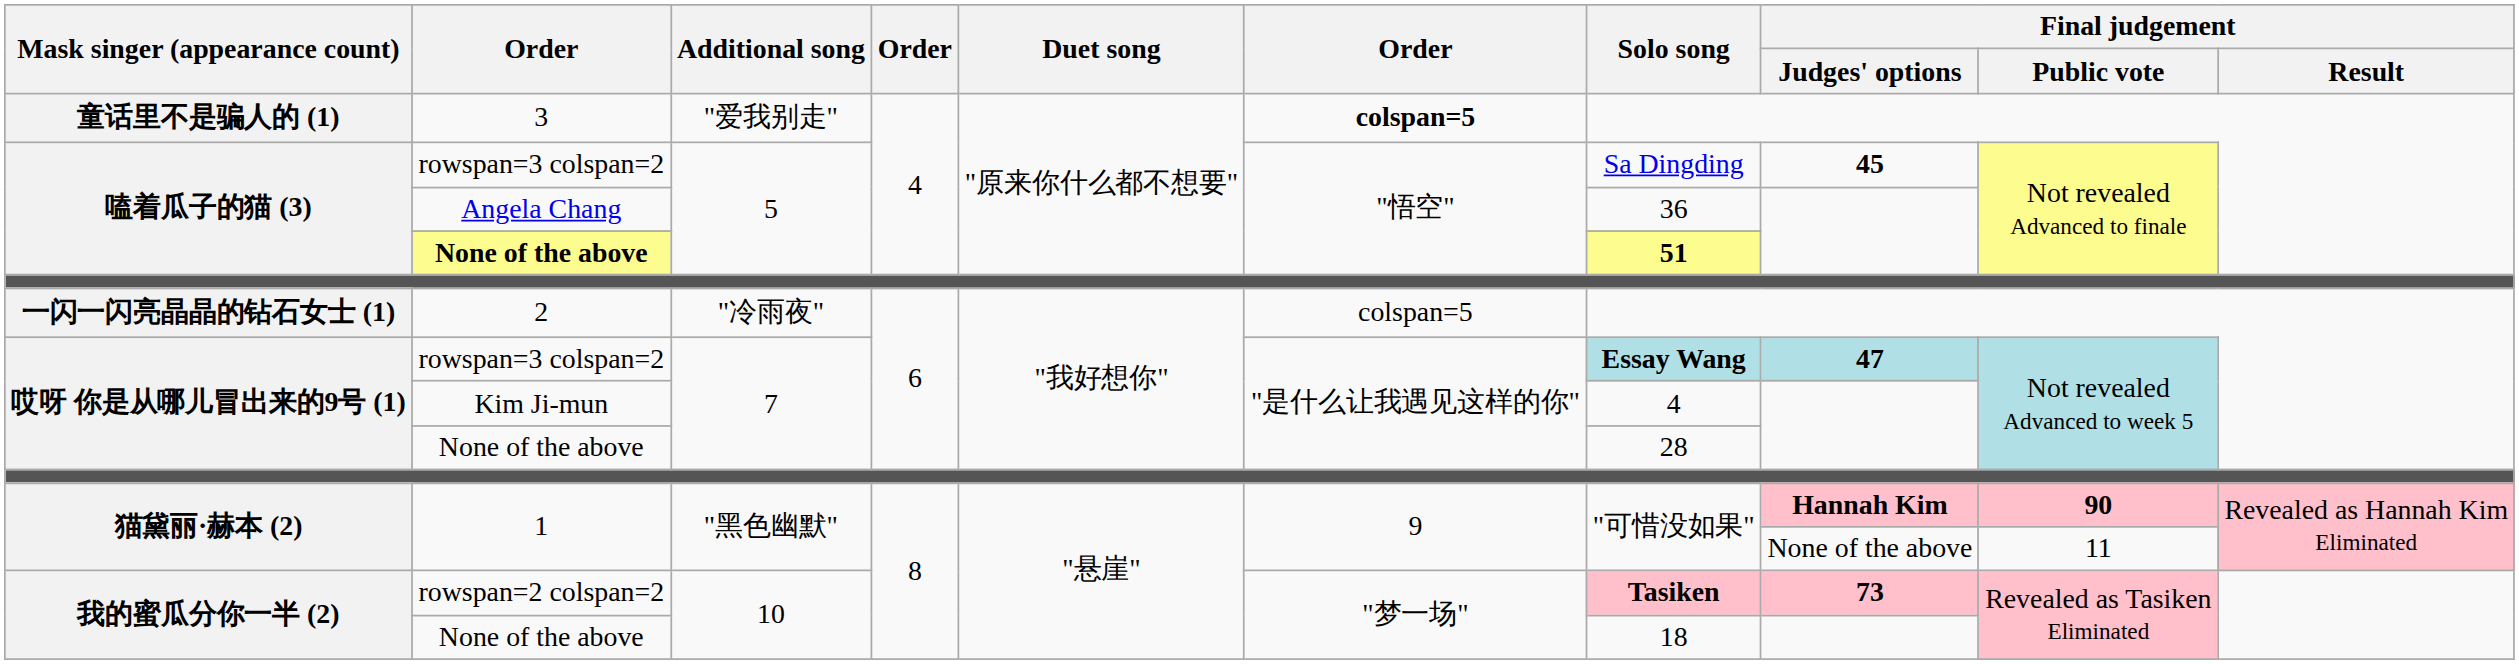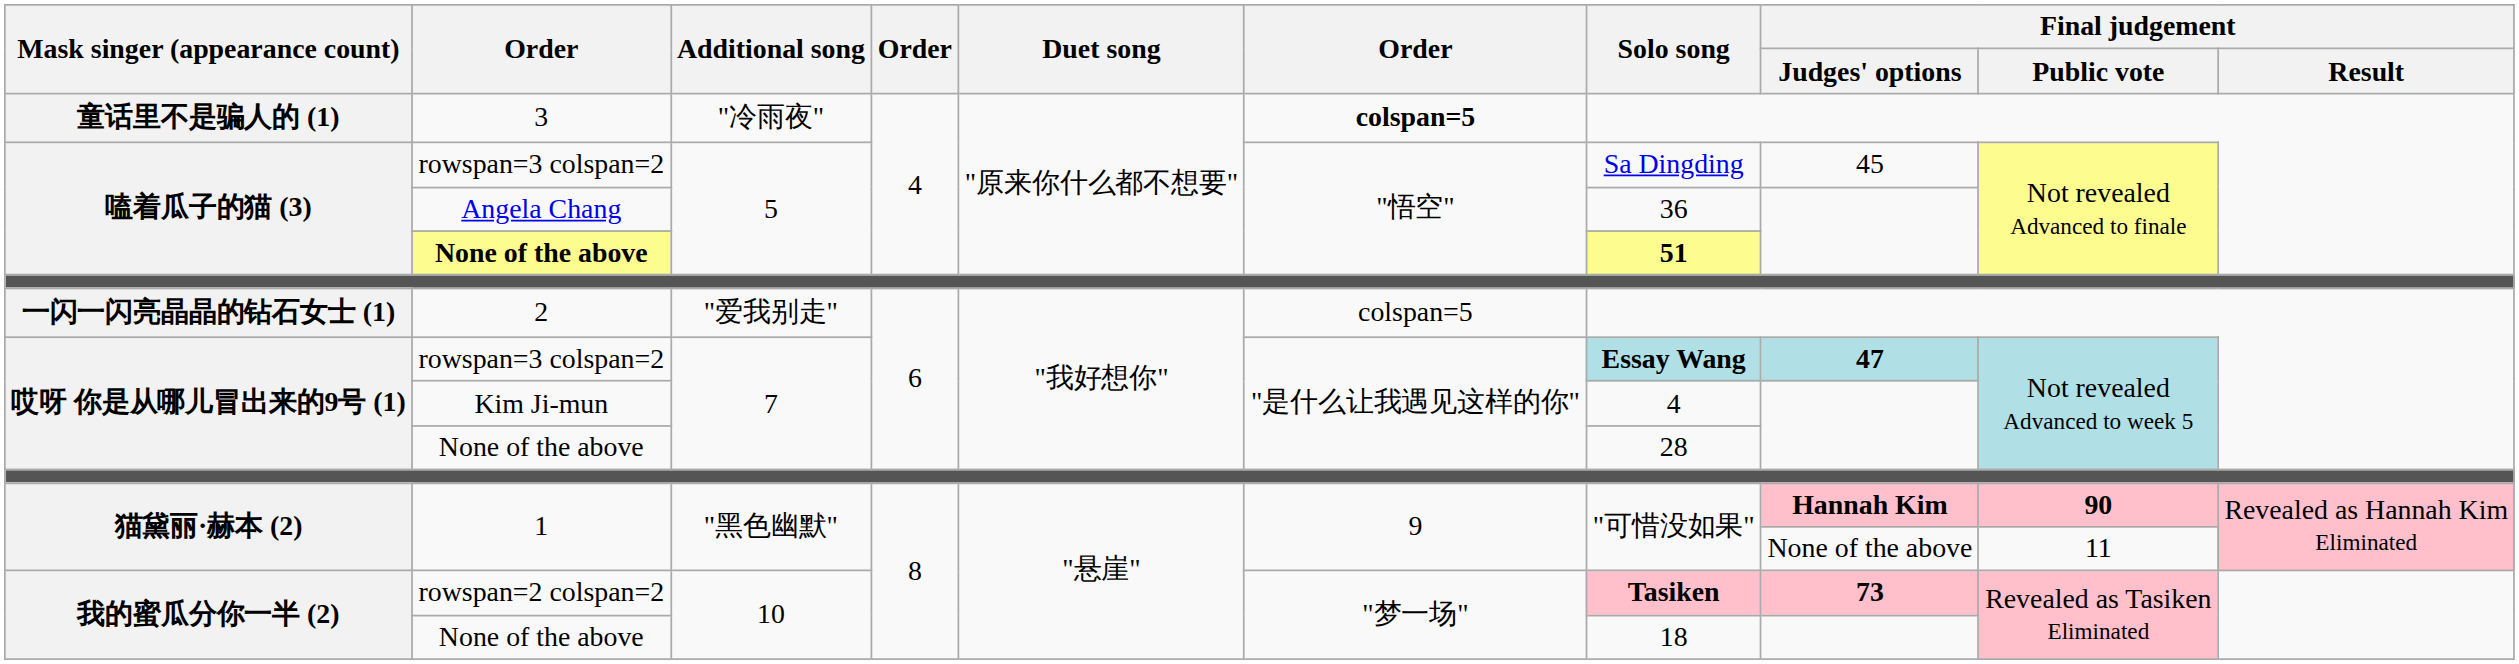 <table class="wikitable plainrowheaders" style="text-align:center;">
 <tr>
 <th rowspan=2 scope="col">Mask singer (appearance count)</th>
 <th rowspan=2 scope="col">Order</th>
 <th rowspan=2 scope="col">Additional song</th>
 <th rowspan=2 scope="col">Order</th>
 <th rowspan=2 scope="col">Duet song</th>
 <th rowspan=2 scope="col">Order</th>
 <th rowspan=2 scope="col">Solo song</th>
 <th scope="col" colspan=3>Final judgement</th>
 </tr>
 <tr>
 <th scope="col">Judges' options</th>
 <th scope="col">Public vote</th>
 <th scope="col">Result</th>
 </tr>
 <tr>
 <th scope="row">童话里不是骗人的 (1)</th>
 <td>3</td>
-<td>"爱我别走"</td>
+<td>"冷雨夜"</td>
 <td rowspan=4>4</td>
 <td rowspan=4>"原来你什么都不想要"</td>
 <td><strong>colspan=5 </strong></td>
 </tr>
 <tr>
 <th rowspan=3 scope="row">嗑着瓜子的猫 (3) </th>
 <td>rowspan=3  colspan=2 </td>
 <td rowspan=3>5</td>
 <td rowspan=3>"悟空"</td>
 <td><a href='#'>Sa Dingding</a></td>
-<td><strong>45</strong></td>
+<td>45</td>
 <td style="background:#fdfc8f;" rowspan=3>Not revealed<br><small>Advanced to finale</small></td>
 </tr>
 <tr>
 <td><a href='#'>Angela Chang</a></td>
 <td>36</td>
 </tr>
 <tr style="background:#fdfc8f;">
 <td><strong>None of the above</strong></td>
 <td><strong>51</strong></td>
 </tr>
 <tr>
 <td colspan="10" style="background:#555;"></td>
 </tr>
 <tr>
 <th scope="row">一闪一闪亮晶晶的钻石女士 (1)</th>
 <td>2</td>
-<td>"冷雨夜"</td>
+<td>"爱我别走"</td>
 <td rowspan=4>6</td>
 <td rowspan=4>"我好想你"</td>
 <td>colspan=5 </td>
 </tr>
 <tr>
 <th rowspan=3 scope="row">哎呀 你是从哪儿冒出来的9号 (1)</th>
 <td>rowspan=3  colspan=2 </td>
 <td rowspan=3>7</td>
 <td rowspan=3>"是什么让我遇见这样的你"</td>
 <td style="background:#B0E0E6;"><strong>Essay Wang</strong></td>
 <td style="background:#B0E0E6;"><strong>47</strong></td>
 <td style="background:#B0E0E6;" rowspan=3>Not revealed<br><small>Advanced to week 5</small></td>
 </tr>
 <tr>
 <td>Kim Ji-mun</td>
 <td>4</td>
 </tr>
 <tr>
 <td>None of the above</td>
 <td>28</td>
 </tr>
 <tr>
 <td colspan="10" style="background:#555;"></td>
 </tr>
 <tr>
 <th rowspan=2 scope="row">猫黛丽·赫本 (2)</th>
 <td rowspan=2>1</td>
 <td rowspan=2>"黑色幽默"</td>
 <td rowspan=4>8</td>
 <td rowspan=4>"悬崖"</td>
 <td rowspan=2>9</td>
 <td rowspan=2>"可惜没如果"</td>
 <td style="background:pink;"><strong>Hannah Kim</strong></td>
 <td style="background:pink;"><strong>90</strong></td>
 <td style="background:pink;" rowspan=2>Revealed as Hannah Kim<br><small>Eliminated</small></td>
 </tr>
 <tr>
 <td>None of the above</td>
 <td>11</td>
 </tr>
 <tr>
 <th rowspan=2 scope="row">我的蜜瓜分你一半 (2)</th>
 <td>rowspan=2  colspan=2 </td>
 <td rowspan=2>10</td>
 <td rowspan=2>"梦一场"</td>
 <td style="background:pink;"><strong>Tasiken</strong></td>
 <td style="background:pink;"><strong>73</strong></td>
 <td style="background:pink;" rowspan=2>Revealed as Tasiken<br><small>Eliminated</small></td>
 </tr>
 <tr>
 <td>None of the above</td>
 <td>18</td>
 </tr>
 </table>
